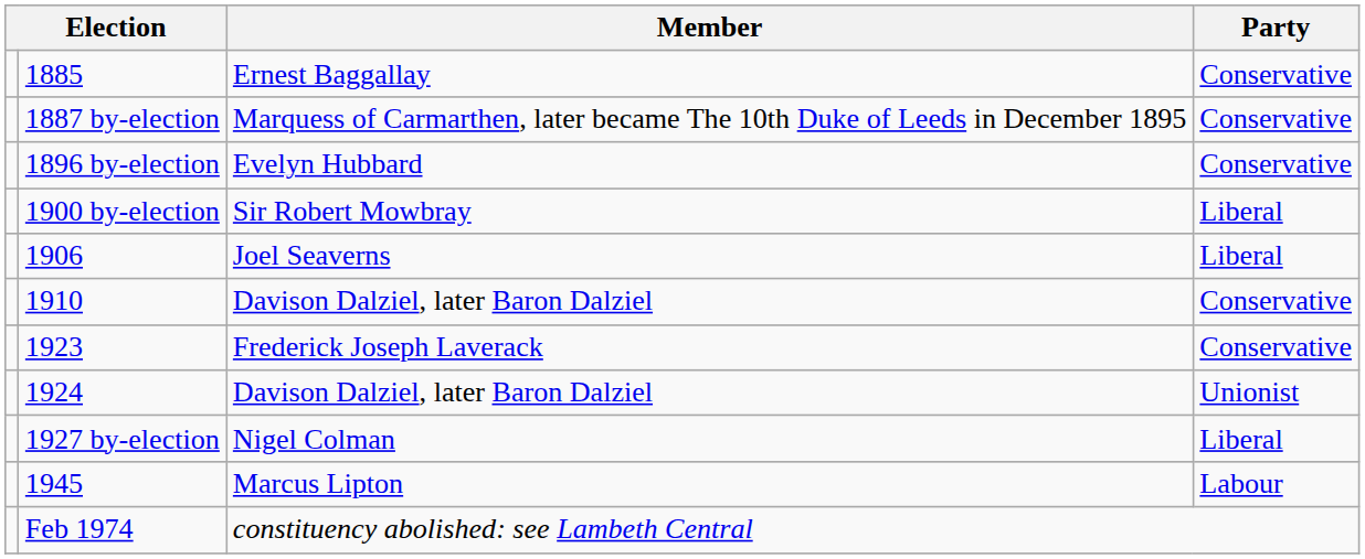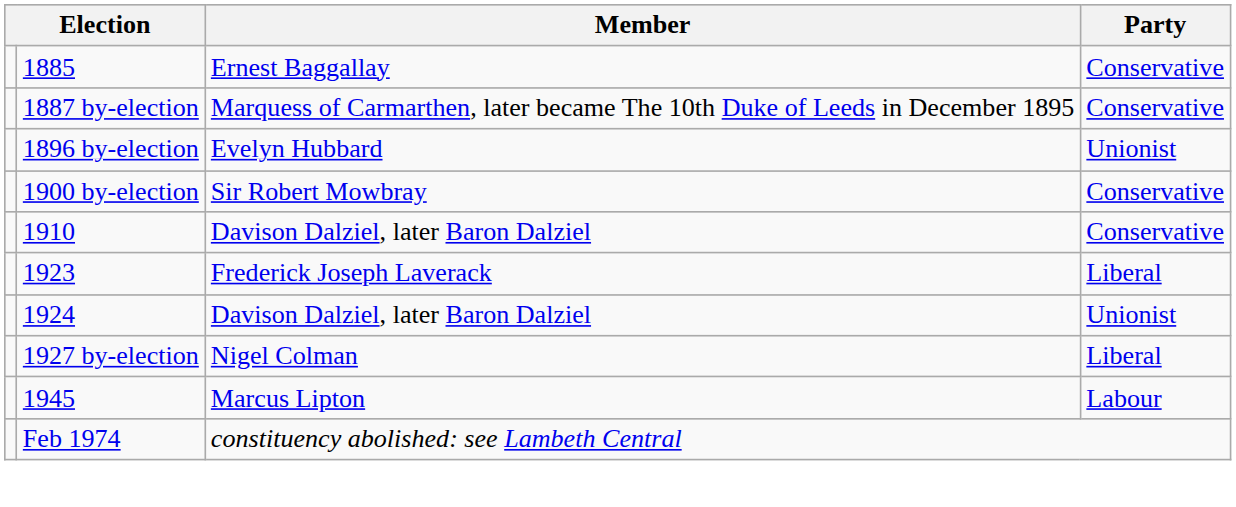 <table class="wikitable">
 <tr>
 <th colspan="2">Election</th>
 <th>Member</th>
 <th>Party</th>
 </tr>
 <tr>
 <td style="color:inherit;background-color: "></td>
 <td><a href='#'>1885</a></td>
 <td><a href='#'>Ernest Baggallay</a></td>
 <td><a href='#'>Conservative</a></td>
 </tr>
 <tr>
 <td style="color:inherit;background-color: "></td>
 <td><a href='#'>1887 by-election</a></td>
 <td><a href='#'>Marquess of Carmarthen</a>, later became The 10th <a href='#'>Duke of Leeds</a> in December 1895</td>
 <td><a href='#'>Conservative</a></td>
 </tr>
 <tr>
 <td style="color:inherit;background-color: "></td>
 <td><a href='#'>1896 by-election</a></td>
 <td><a href='#'>Evelyn Hubbard</a></td>
-<td><a href='#'>Conservative</a></td>
+<td><a href='#'>Unionist</a></td>
 </tr>
 <tr>
 <td style="color:inherit;background-color: "></td>
 <td><a href='#'>1900 by-election</a></td>
 <td><a href='#'>Sir Robert Mowbray</a></td>
-<td><a href='#'>Liberal</a></td>
-</tr>
-<tr>
-<td style="color:inherit;background-color: "></td>
-<td><a href='#'>1906</a></td>
-<td><a href='#'>Joel Seaverns</a></td>
-<td><a href='#'>Liberal</a></td>
+<td><a href='#'>Conservative</a></td>
 </tr>
 <tr>
 <td style="color:inherit;background-color: "></td>
 <td><a href='#'>1910</a></td>
 <td><a href='#'>Davison Dalziel</a>, later <a href='#'>Baron Dalziel</a></td>
 <td><a href='#'>Conservative</a></td>
 </tr>
 <tr>
 <td style="color:inherit;background-color: "></td>
 <td><a href='#'>1923</a></td>
 <td><a href='#'>Frederick Joseph Laverack</a></td>
-<td><a href='#'>Conservative</a></td>
+<td><a href='#'>Liberal</a></td>
 </tr>
 <tr>
 <td style="color:inherit;background-color: "></td>
 <td><a href='#'>1924</a></td>
 <td><a href='#'>Davison Dalziel</a>, later <a href='#'>Baron Dalziel</a></td>
 <td><a href='#'>Unionist</a></td>
 </tr>
 <tr>
 <td style="color:inherit;background-color: "></td>
 <td><a href='#'>1927 by-election</a></td>
 <td><a href='#'>Nigel Colman</a></td>
 <td><a href='#'>Liberal</a></td>
 </tr>
 <tr>
 <td style="color:inherit;background-color: "></td>
 <td><a href='#'>1945</a></td>
 <td><a href='#'>Marcus Lipton</a></td>
 <td><a href='#'>Labour</a></td>
 </tr>
 <tr>
 <td></td>
 <td><a href='#'>Feb 1974</a></td>
 <td colspan="2"><em>constituency abolished: see <a href='#'>Lambeth Central</a></em></td>
 </tr>
 </table>
